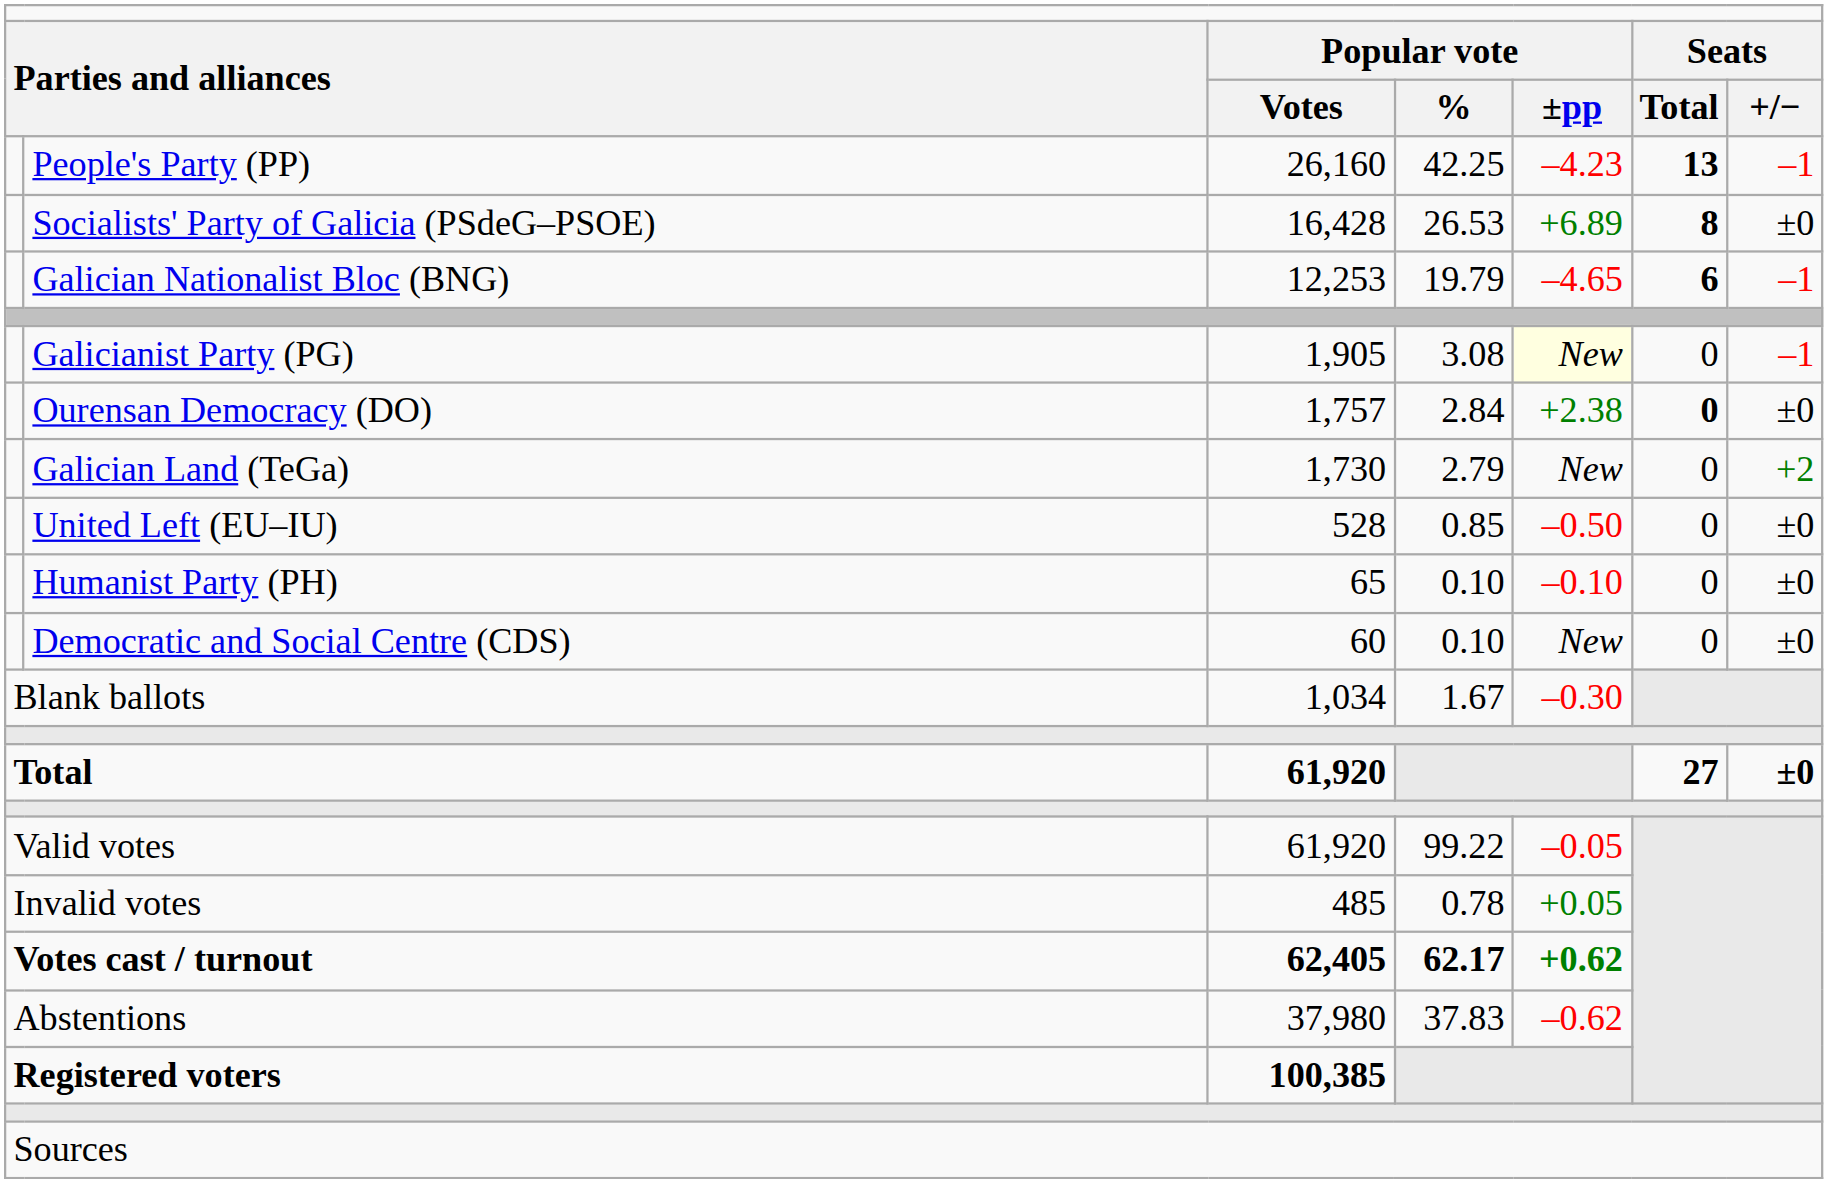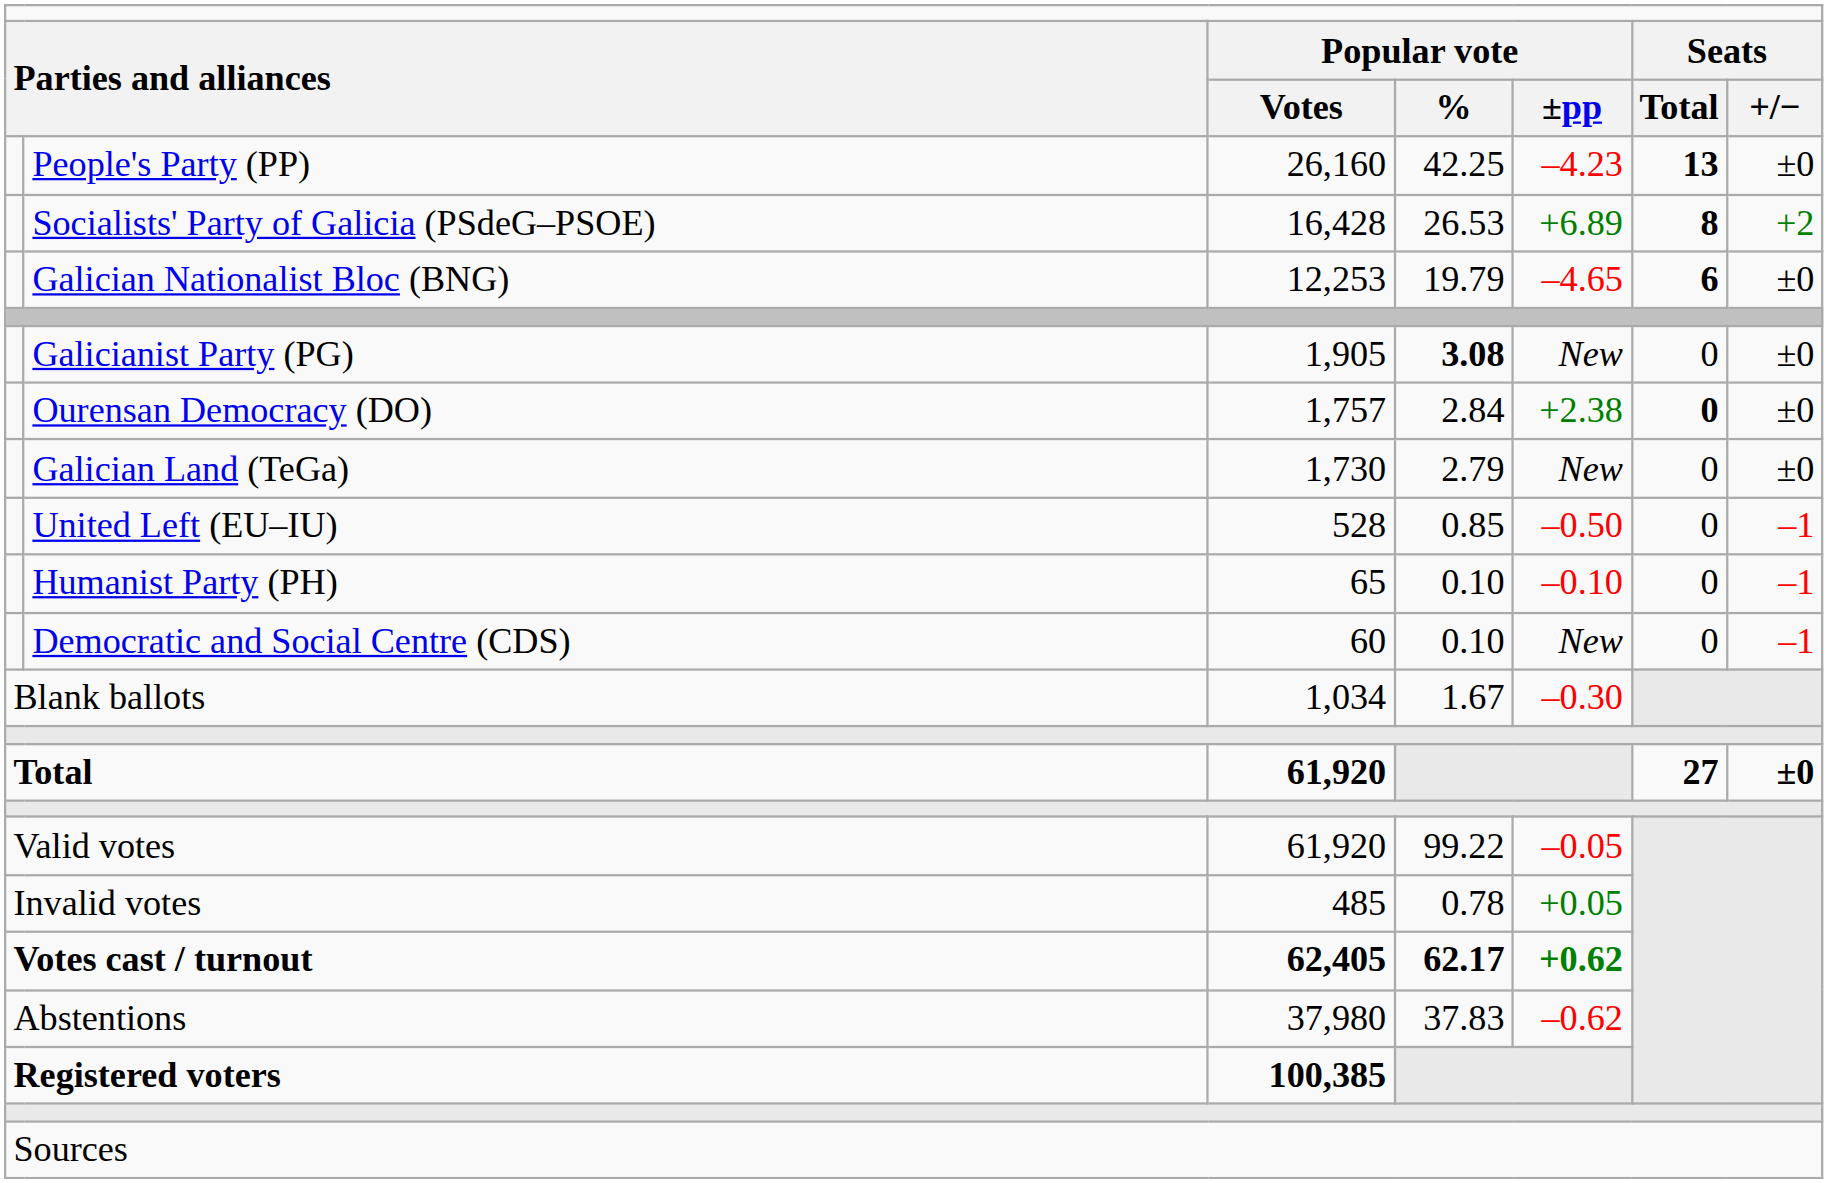 <table class="wikitable" style="text-align:right;">
 <tr>
 <td colspan="7"></td>
 </tr>
 <tr>
 <th style="text-align:left;" rowspan="2" colspan="2" width="525">Parties and alliances</th>
 <th colspan="3">Popular vote</th>
 <th colspan="2">Seats</th>
 </tr>
 <tr>
 <th width="75">Votes</th>
 <th width="45">%</th>
 <th width="45">±<a href='#'>pp</a></th>
 <th width="35">Total</th>
 <th width="35">+/−</th>
 </tr>
 <tr>
 <td width="1" style="color:inherit;background:"></td>
 <td align="left"><a href='#'>People's Party</a> (PP)</td>
 <td>26,160</td>
 <td>42.25</td>
 <td style="color:red;">–4.23</td>
 <td><strong>13</strong></td>
-<td style="color:red;">–1</td>
+<td>±0</td>
 </tr>
 <tr>
 <td style="color:inherit;background:"></td>
 <td align="left"><a href='#'>Socialists' Party of Galicia</a> (PSdeG–PSOE)</td>
 <td>16,428</td>
 <td>26.53</td>
 <td style="color:green;">+6.89</td>
 <td><strong>8</strong></td>
-<td>±0</td>
+<td style="color:green;">+2</td>
 </tr>
 <tr>
 <td style="color:inherit;background:"></td>
 <td align="left"><a href='#'>Galician Nationalist Bloc</a> (BNG)</td>
 <td>12,253</td>
 <td>19.79</td>
 <td style="color:red;">–4.65</td>
 <td><strong>6</strong></td>
-<td style="color:red;">–1</td>
+<td>±0</td>
 </tr>
 <tr>
 <td colspan="7" bgcolor="#C0C0C0"></td>
 </tr>
 <tr>
 <td style="color:inherit;background:"></td>
 <td align="left"><a href='#'>Galicianist Party</a> (PG)</td>
 <td>1,905</td>
-<td>3.08</td>
-<td style="background: lightyellow;"><em>New</em></td>
+<td><strong>3.08</strong></td>
+<td><em>New</em></td>
 <td>0</td>
-<td style="color:red;">–1</td>
+<td>±0</td>
 </tr>
 <tr>
 <td style="color:inherit;background:"></td>
 <td align="left"><a href='#'>Ourensan Democracy</a> (DO)</td>
 <td>1,757</td>
 <td>2.84</td>
 <td style="color:green;">+2.38</td>
 <td><strong>0</strong></td>
 <td>±0</td>
 </tr>
 <tr>
 <td style="color:inherit;background:"></td>
 <td align="left"><a href='#'>Galician Land</a> (TeGa)</td>
 <td>1,730</td>
 <td>2.79</td>
 <td><em>New</em></td>
 <td>0</td>
-<td style="color:green;">+2</td>
+<td>±0</td>
 </tr>
 <tr>
 <td style="color:inherit;background:"></td>
 <td align="left"><a href='#'>United Left</a> (EU–IU)</td>
 <td>528</td>
 <td>0.85</td>
 <td style="color:red;">–0.50</td>
 <td>0</td>
-<td>±0</td>
+<td style="color:red;">–1</td>
 </tr>
 <tr>
 <td style="color:inherit;background:"></td>
 <td align="left"><a href='#'>Humanist Party</a> (PH)</td>
 <td>65</td>
 <td>0.10</td>
 <td style="color:red;">–0.10</td>
 <td>0</td>
-<td>±0</td>
+<td style="color:red;">–1</td>
 </tr>
 <tr>
 <td style="color:inherit;background:"></td>
 <td align="left"><a href='#'>Democratic and Social Centre</a> (CDS)</td>
 <td>60</td>
 <td>0.10</td>
 <td><em>New</em></td>
 <td>0</td>
-<td>±0</td>
+<td style="color:red;">–1</td>
 </tr>
 <tr>
 <td align="left" colspan="2">Blank ballots</td>
 <td>1,034</td>
 <td>1.67</td>
 <td style="color:red;">–0.30</td>
 <td bgcolor="#E9E9E9" colspan="2"></td>
 </tr>
 <tr>
 <td colspan="7" bgcolor="#E9E9E9"></td>
 </tr>
 <tr style="font-weight:bold;">
 <td align="left" colspan="2">Total</td>
 <td>61,920</td>
 <td bgcolor="#E9E9E9" colspan="2"></td>
 <td>27</td>
 <td>±0</td>
 </tr>
 <tr>
 <td colspan="7" bgcolor="#E9E9E9"></td>
 </tr>
 <tr>
 <td align="left" colspan="2">Valid votes</td>
 <td>61,920</td>
 <td>99.22</td>
 <td style="color:red;">–0.05</td>
 <td bgcolor="#E9E9E9" colspan="2" rowspan="5"></td>
 </tr>
 <tr>
 <td align="left" colspan="2">Invalid votes</td>
 <td>485</td>
 <td>0.78</td>
 <td style="color:green;">+0.05</td>
 </tr>
 <tr style="font-weight:bold;">
 <td align="left" colspan="2">Votes cast / turnout</td>
 <td>62,405</td>
 <td>62.17</td>
 <td style="color:green;">+0.62</td>
 </tr>
 <tr>
 <td align="left" colspan="2">Abstentions</td>
 <td>37,980</td>
 <td>37.83</td>
 <td style="color:red;">–0.62</td>
 </tr>
 <tr style="font-weight:bold;">
 <td align="left" colspan="2">Registered voters</td>
 <td>100,385</td>
 <td bgcolor="#E9E9E9" colspan="2"></td>
 </tr>
 <tr>
 <td colspan="7" bgcolor="#E9E9E9"></td>
 </tr>
 <tr>
 <td align="left" colspan="7">Sources</td>
 </tr>
 </table>
